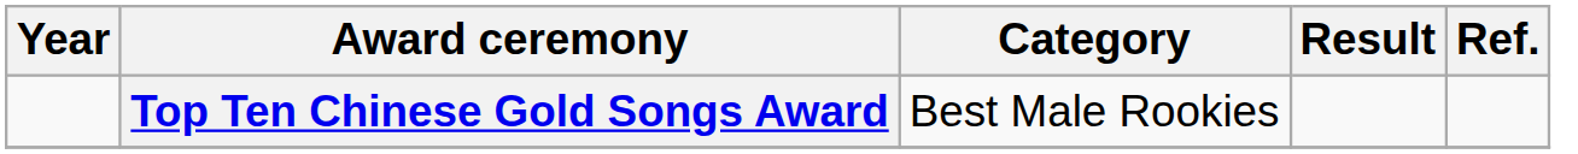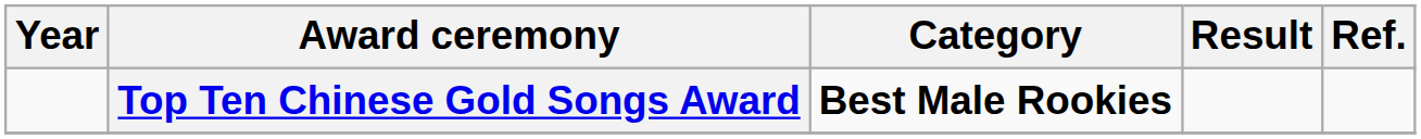 <table class="wikitable plainrowheaders">
 <tr>
 <th scope="col">Year</th>
 <th scope="col">Award ceremony</th>
 <th scope="col">Category</th>
 <th scope="col">Result</th>
 <th scope="col">Ref.</th>
 </tr>
 <tr>
 <td></td>
 <th scope="row"><a href='#'>Top Ten Chinese Gold Songs Award</a></th>
-<td>Best Male Rookies</td>
+<td><strong>Best Male Rookies</strong></td>
 <td></td>
 <td></td>
 </tr>
 <tr>
 </tr>
 </table>
